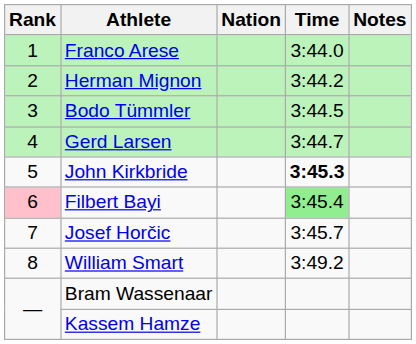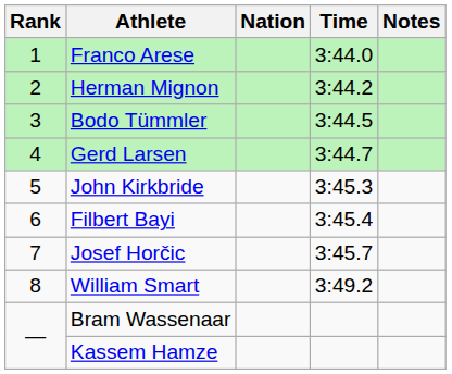 <table class="wikitable sortable" style="text-align:center">
 <tr>
 <th>Rank</th>
 <th>Athlete</th>
 <th>Nation</th>
 <th>Time</th>
 <th>Notes</th>
 </tr>
 <tr style="background:#bbf3bb;">
 <td>1</td>
 <td align=left><a href='#'>Franco Arese</a></td>
 <td align=left></td>
 <td>3:44.0</td>
 <td></td>
 </tr>
 <tr style="background:#bbf3bb;">
 <td>2</td>
 <td align=left><a href='#'>Herman Mignon</a></td>
 <td align=left></td>
 <td>3:44.2</td>
 <td></td>
 </tr>
 <tr style="background:#bbf3bb;">
 <td>3</td>
 <td align=left><a href='#'>Bodo Tümmler</a></td>
 <td align=left></td>
 <td>3:44.5</td>
 <td></td>
 </tr>
 <tr style="background:#bbf3bb;">
 <td>4</td>
 <td align=left><a href='#'>Gerd Larsen</a></td>
 <td align=left></td>
 <td>3:44.7</td>
 <td></td>
 </tr>
 <tr>
 <td>5</td>
 <td align=left><a href='#'>John Kirkbride</a></td>
 <td align=left></td>
-<td><strong>3:45.3</strong></td>
+<td>3:45.3</td>
 <td></td>
 </tr>
 <tr>
-<td style="background: pink;">6</td>
+<td>6</td>
 <td align=left><a href='#'>Filbert Bayi</a></td>
 <td align=left></td>
-<td style="background: lightgreen;">3:45.4</td>
+<td>3:45.4</td>
 <td></td>
 </tr>
 <tr>
 <td>7</td>
 <td align=left><a href='#'>Josef Horčic</a></td>
 <td align=left></td>
 <td>3:45.7</td>
 <td></td>
 </tr>
 <tr>
 <td>8</td>
 <td align=left><a href='#'>William Smart</a></td>
 <td align=left></td>
 <td>3:49.2</td>
 <td></td>
 </tr>
 <tr>
 <td rowspan=2 data-sort-value=9>—</td>
 <td align=left>Bram Wassenaar</td>
 <td align=left></td>
 <td></td>
 <td></td>
 </tr>
 <tr>
 <td align=left><a href='#'>Kassem Hamze</a></td>
 <td align=left></td>
 <td></td>
 <td></td>
 </tr>
 </table>
